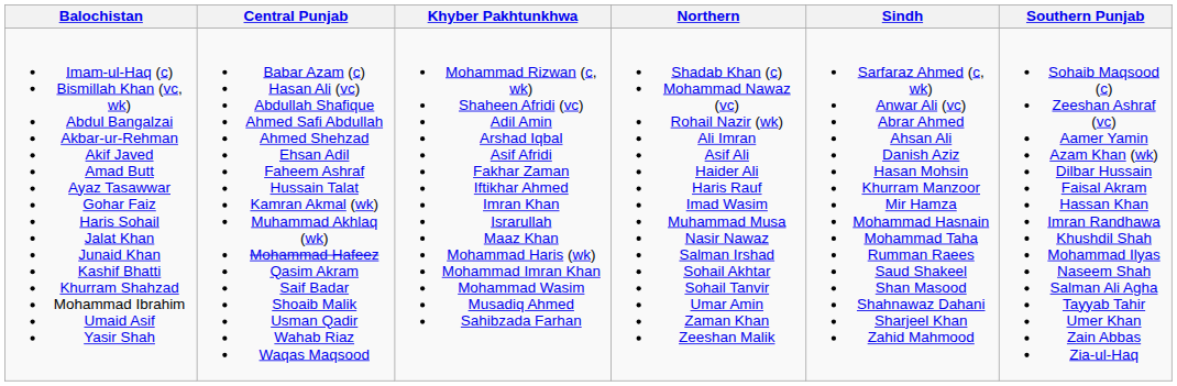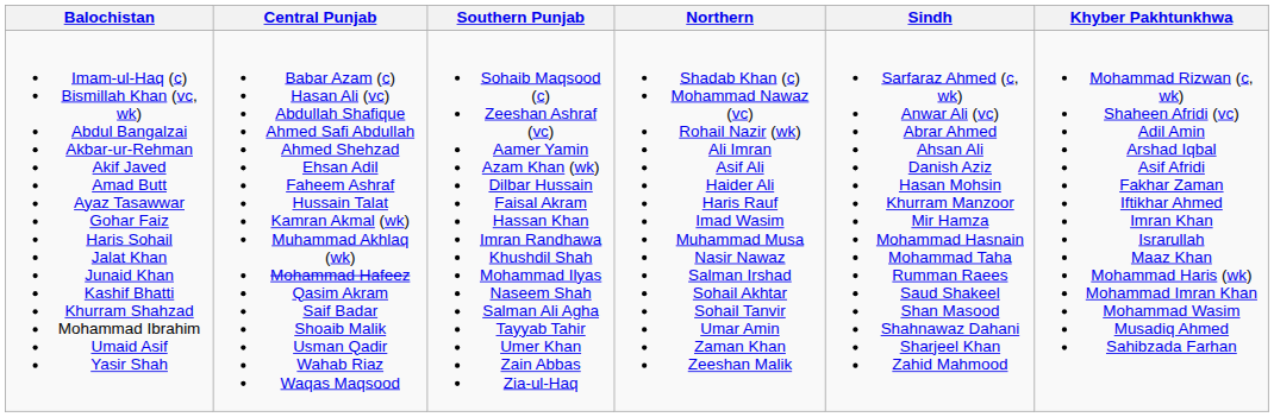 <table class="wikitable" style="text-align:center; margin:auto">
 <tr>
 <th><a href='#'>Balochistan</a></th>
 <th><a href='#'>Central Punjab</a></th>
-<th><a href='#'>Khyber Pakhtunkhwa</a></th>
+<th><a href='#'>Southern Punjab</a></th>
 <th><a href='#'>Northern</a></th>
 <th><a href='#'>Sindh</a></th>
-<th><a href='#'>Southern Punjab</a></th>
+<th><a href='#'>Khyber Pakhtunkhwa</a></th>
 </tr>
 <tr style="vertical-align:top">
 <td><br><ul><li><a href='#'>Imam-ul-Haq</a> (<a href='#'>c</a>)</li><li><a href='#'>Bismillah Khan</a> (<a href='#'>vc</a>, <a href='#'>wk</a>)</li><li><a href='#'>Abdul Bangalzai</a></li><li><a href='#'>Akbar-ur-Rehman</a></li><li><a href='#'>Akif Javed</a></li><li><a href='#'>Amad Butt</a></li><li><a href='#'>Ayaz Tasawwar</a></li><li><a href='#'>Gohar Faiz</a></li><li><a href='#'>Haris Sohail</a></li><li><a href='#'>Jalat Khan</a></li><li><a href='#'>Junaid Khan</a></li><li><a href='#'>Kashif Bhatti</a></li><li><a href='#'>Khurram Shahzad</a></li><li>Mohammad Ibrahim</li><li><a href='#'>Umaid Asif</a></li><li><a href='#'>Yasir Shah</a></li></ul></td>
 <td><br><ul><li><a href='#'>Babar Azam</a> (<a href='#'>c</a>)</li><li><a href='#'>Hasan Ali</a> (<a href='#'>vc</a>)</li><li><a href='#'>Abdullah Shafique</a></li><li><a href='#'>Ahmed Safi Abdullah</a></li><li><a href='#'>Ahmed Shehzad</a></li><li><a href='#'>Ehsan Adil</a></li><li><a href='#'>Faheem Ashraf</a></li><li><a href='#'>Hussain Talat</a></li><li><a href='#'>Kamran Akmal</a> (<a href='#'>wk</a>)</li><li><a href='#'>Muhammad Akhlaq</a> (<a href='#'>wk</a>)</li><li><a href='#'><s>Mohammad Hafeez</s></a></li><li><a href='#'>Qasim Akram</a></li><li><a href='#'>Saif Badar</a></li><li><a href='#'>Shoaib Malik</a></li><li><a href='#'>Usman Qadir</a></li><li><a href='#'>Wahab Riaz</a></li><li><a href='#'>Waqas Maqsood</a></li></ul></td>
-<td><br><ul><li><a href='#'>Mohammad Rizwan</a> (<a href='#'>c</a>, <a href='#'>wk</a>)</li><li><a href='#'>Shaheen Afridi</a> (<a href='#'>vc</a>)</li><li><a href='#'>Adil Amin</a></li><li><a href='#'>Arshad Iqbal</a></li><li><a href='#'>Asif Afridi</a></li><li><a href='#'>Fakhar Zaman</a></li><li><a href='#'>Iftikhar Ahmed</a></li><li><a href='#'>Imran Khan</a></li><li><a href='#'>Israrullah</a></li><li><a href='#'>Maaz Khan</a></li><li><a href='#'>Mohammad Haris</a> (<a href='#'>wk</a>)</li><li><a href='#'>Mohammad Imran Khan</a></li><li><a href='#'>Mohammad Wasim</a></li><li><a href='#'>Musadiq Ahmed</a></li><li><a href='#'>Sahibzada Farhan</a></li></ul></td>
+<td><br><ul><li><a href='#'>Sohaib Maqsood</a> (<a href='#'>c</a>)</li><li><a href='#'>Zeeshan Ashraf</a> (<a href='#'>vc</a>)</li><li><a href='#'>Aamer Yamin</a></li><li><a href='#'>Azam Khan</a> (<a href='#'>wk</a>)</li><li><a href='#'>Dilbar Hussain</a></li><li><a href='#'>Faisal Akram</a></li><li><a href='#'>Hassan Khan</a></li><li><a href='#'>Imran Randhawa</a></li><li><a href='#'>Khushdil Shah</a></li><li><a href='#'>Mohammad Ilyas</a></li><li><a href='#'>Naseem Shah</a></li><li><a href='#'>Salman Ali Agha</a></li><li><a href='#'>Tayyab Tahir</a></li><li><a href='#'>Umer Khan</a></li><li><a href='#'>Zain Abbas</a></li><li><a href='#'>Zia-ul-Haq</a></li></ul></td>
 <td><br><ul><li><a href='#'>Shadab Khan</a> (<a href='#'>c</a>)</li><li><a href='#'>Mohammad Nawaz</a> (<a href='#'>vc</a>)</li><li><a href='#'>Rohail Nazir</a> (<a href='#'>wk</a>)</li><li><a href='#'>Ali Imran</a></li><li><a href='#'>Asif Ali</a></li><li><a href='#'>Haider Ali</a></li><li><a href='#'>Haris Rauf</a></li><li><a href='#'>Imad Wasim</a></li><li><a href='#'>Muhammad Musa</a></li><li><a href='#'>Nasir Nawaz</a></li><li><a href='#'>Salman Irshad</a></li><li><a href='#'>Sohail Akhtar</a></li><li><a href='#'>Sohail Tanvir</a></li><li><a href='#'>Umar Amin</a></li><li><a href='#'>Zaman Khan</a></li><li><a href='#'>Zeeshan Malik</a></li></ul></td>
 <td><br><ul><li><a href='#'>Sarfaraz Ahmed</a> (<a href='#'>c</a>, <a href='#'>wk</a>)</li><li><a href='#'>Anwar Ali</a> (<a href='#'>vc</a>)</li><li><a href='#'>Abrar Ahmed</a></li><li><a href='#'>Ahsan Ali</a></li><li><a href='#'>Danish Aziz</a></li><li><a href='#'>Hasan Mohsin</a></li><li><a href='#'>Khurram Manzoor</a></li><li><a href='#'>Mir Hamza</a></li><li><a href='#'>Mohammad Hasnain</a></li><li><a href='#'>Mohammad Taha</a></li><li><a href='#'>Rumman Raees</a></li><li><a href='#'>Saud Shakeel</a></li><li><a href='#'>Shan Masood</a></li><li><a href='#'>Shahnawaz Dahani</a></li><li><a href='#'>Sharjeel Khan</a></li><li><a href='#'>Zahid Mahmood</a></li></ul></td>
-<td><br><ul><li><a href='#'>Sohaib Maqsood</a> (<a href='#'>c</a>)</li><li><a href='#'>Zeeshan Ashraf</a> (<a href='#'>vc</a>)</li><li><a href='#'>Aamer Yamin</a></li><li><a href='#'>Azam Khan</a> (<a href='#'>wk</a>)</li><li><a href='#'>Dilbar Hussain</a></li><li><a href='#'>Faisal Akram</a></li><li><a href='#'>Hassan Khan</a></li><li><a href='#'>Imran Randhawa</a></li><li><a href='#'>Khushdil Shah</a></li><li><a href='#'>Mohammad Ilyas</a></li><li><a href='#'>Naseem Shah</a></li><li><a href='#'>Salman Ali Agha</a></li><li><a href='#'>Tayyab Tahir</a></li><li><a href='#'>Umer Khan</a></li><li><a href='#'>Zain Abbas</a></li><li><a href='#'>Zia-ul-Haq</a></li></ul></td>
+<td><br><ul><li><a href='#'>Mohammad Rizwan</a> (<a href='#'>c</a>, <a href='#'>wk</a>)</li><li><a href='#'>Shaheen Afridi</a> (<a href='#'>vc</a>)</li><li><a href='#'>Adil Amin</a></li><li><a href='#'>Arshad Iqbal</a></li><li><a href='#'>Asif Afridi</a></li><li><a href='#'>Fakhar Zaman</a></li><li><a href='#'>Iftikhar Ahmed</a></li><li><a href='#'>Imran Khan</a></li><li><a href='#'>Israrullah</a></li><li><a href='#'>Maaz Khan</a></li><li><a href='#'>Mohammad Haris</a> (<a href='#'>wk</a>)</li><li><a href='#'>Mohammad Imran Khan</a></li><li><a href='#'>Mohammad Wasim</a></li><li><a href='#'>Musadiq Ahmed</a></li><li><a href='#'>Sahibzada Farhan</a></li></ul></td>
 </tr>
 </table>
